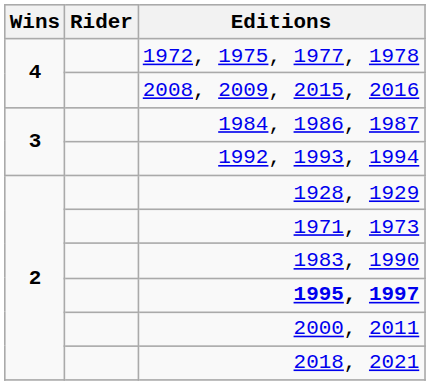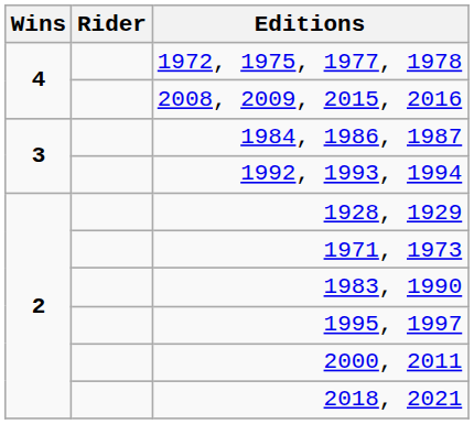 <table class="wikitable">
 <tr>
 <th>Wins</th>
 <th>Rider</th>
 <th>Editions</th>
 </tr>
 <tr>
 <td align=center rowspan=2><strong>4</strong></td>
 <td></td>
 <td align=right><a href='#'>1972</a>, <a href='#'>1975</a>, <a href='#'>1977</a>, <a href='#'>1978</a></td>
 </tr>
 <tr>
 <td></td>
 <td align=right><a href='#'>2008</a>, <a href='#'>2009</a>, <a href='#'>2015</a>, <a href='#'>2016</a></td>
 </tr>
 <tr>
 <td align=center rowspan=2><strong>3</strong></td>
 <td></td>
 <td align=right><a href='#'>1984</a>, <a href='#'>1986</a>, <a href='#'>1987</a></td>
 </tr>
 <tr>
 <td></td>
 <td align=right><a href='#'>1992</a>, <a href='#'>1993</a>, <a href='#'>1994</a></td>
 </tr>
 <tr>
 <td align=center rowspan=6><strong>2</strong></td>
 <td></td>
 <td align=right><a href='#'>1928</a>, <a href='#'>1929</a></td>
 </tr>
 <tr>
 <td></td>
 <td align=right><a href='#'>1971</a>, <a href='#'>1973</a></td>
 </tr>
 <tr>
 <td></td>
 <td align=right><a href='#'>1983</a>, <a href='#'>1990</a></td>
 </tr>
 <tr>
 <td></td>
-<td align=right><strong><a href='#'>1995</a>, <a href='#'>1997</a></strong></td>
+<td align=right><a href='#'>1995</a>, <a href='#'>1997</a></td>
 </tr>
 <tr>
 <td></td>
 <td align=right><a href='#'>2000</a>, <a href='#'>2011</a></td>
 </tr>
 <tr>
 <td></td>
 <td align=right><a href='#'>2018</a>, <a href='#'>2021</a></td>
 </tr>
 </table>
